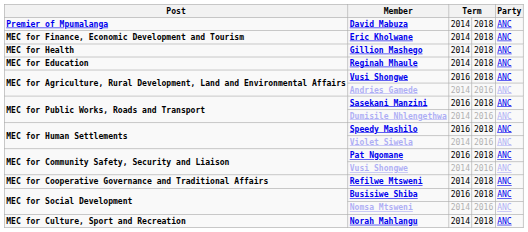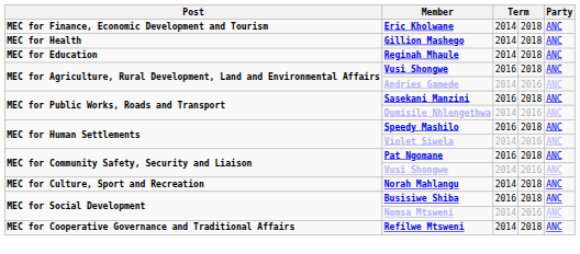 <table class="wikitable">
 <tr>
 <th>Post</th>
 <th>Member</th>
 <th colspan="2">Term</th>
 <th>Party</th>
-</tr>
-<tr>
-<td><strong><a href='#'>Premier of Mpumalanga</a></strong></td>
-<td><strong><a href='#'>David Mabuza</a></strong></td>
-<td>2014</td>
-<td>2018</td>
-<td><a href='#'>ANC</a></td>
 </tr>
 <tr>
 <td><strong>MEC for Finance, Economic Development and Tourism</strong></td>
 <td><strong><a href='#'>Eric Kholwane</a></strong></td>
 <td>2014</td>
 <td>2018</td>
 <td><a href='#'>ANC</a></td>
 </tr>
 <tr>
 <td><strong>MEC for Health</strong></td>
 <td><strong><a href='#'>Gillion Mashego</a></strong></td>
 <td>2014</td>
 <td>2018</td>
 <td><a href='#'>ANC</a></td>
 </tr>
 <tr>
 <td><strong>MEC for Education</strong></td>
 <td><strong><a href='#'>Reginah Mhaule</a></strong></td>
 <td>2014</td>
 <td>2018</td>
 <td><a href='#'>ANC</a></td>
 </tr>
 <tr>
 <td rowspan="2"><strong>MEC for Agriculture, Rural Development, Land and Environmental Affairs</strong></td>
 <td><strong><a href='#'>Vusi Shongwe</a></strong></td>
 <td>2016</td>
 <td>2018</td>
 <td><a href='#'>ANC</a></td>
 </tr>
 <tr style="opacity:.3;">
 <td><strong><a href='#'>Andries Gamede</a></strong></td>
 <td>2014</td>
 <td>2016</td>
 <td><a href='#'>ANC</a></td>
 </tr>
 <tr>
 <td rowspan="2"><strong>MEC for Public Works, Roads and Transport</strong></td>
 <td><strong><a href='#'>Sasekani Manzini</a></strong></td>
 <td>2016</td>
 <td>2018</td>
 <td><a href='#'>ANC</a></td>
 </tr>
 <tr style="opacity:.3;">
 <td><strong><a href='#'>Dumisile Nhlengethwa</a></strong></td>
 <td>2014</td>
 <td>2016</td>
 <td><a href='#'>ANC</a></td>
 </tr>
 <tr>
 <td rowspan="2"><strong>MEC for Human Settlements</strong></td>
 <td><strong><a href='#'>Speedy Mashilo</a></strong></td>
 <td>2016</td>
 <td>2018</td>
 <td><a href='#'>ANC</a></td>
 </tr>
 <tr style="opacity:.3;">
 <td><strong><a href='#'>Violet Siwela</a></strong></td>
 <td>2014</td>
 <td>2016</td>
 <td><a href='#'>ANC</a></td>
 </tr>
 <tr>
 <td rowspan="2"><strong>MEC for Community Safety, Security and Liaison</strong></td>
 <td><strong><a href='#'>Pat Ngomane</a></strong></td>
 <td>2016</td>
 <td>2018</td>
 <td><a href='#'>ANC</a></td>
 </tr>
 <tr style="opacity:.3;">
 <td><strong><a href='#'>Vusi Shongwe</a></strong></td>
 <td>2014</td>
 <td>2016</td>
 <td><a href='#'>ANC</a></td>
 </tr>
 <tr>
-<td><strong>MEC for Cooperative Governance and Traditional Affairs</strong></td>
-<td><a href='#'><strong>Refilwe Mtsweni</strong></a></td>
+<td><strong>MEC for Culture, Sport and Recreation</strong></td>
+<td><strong><a href='#'>Norah Mahlangu</a></strong></td>
 <td>2014</td>
 <td>2018</td>
 <td><a href='#'>ANC</a></td>
 </tr>
 <tr>
 <td rowspan="2"><strong>MEC for Social Development</strong></td>
 <td><strong><a href='#'>Busisiwe Shiba</a></strong></td>
 <td>2016</td>
 <td>2018</td>
 <td><a href='#'>ANC</a></td>
 </tr>
 <tr style="opacity:.3;">
 <td><strong><a href='#'>Nomsa Mtsweni</a></strong></td>
 <td>2014</td>
 <td>2016</td>
 <td><a href='#'>ANC</a></td>
 </tr>
 <tr>
-<td><strong>MEC for Culture, Sport and Recreation</strong></td>
-<td><strong><a href='#'>Norah Mahlangu</a></strong></td>
+<td><strong>MEC for Cooperative Governance and Traditional Affairs</strong></td>
+<td><a href='#'><strong>Refilwe Mtsweni</strong></a></td>
 <td>2014</td>
 <td>2018</td>
 <td><a href='#'>ANC</a></td>
 </tr>
 </table>
